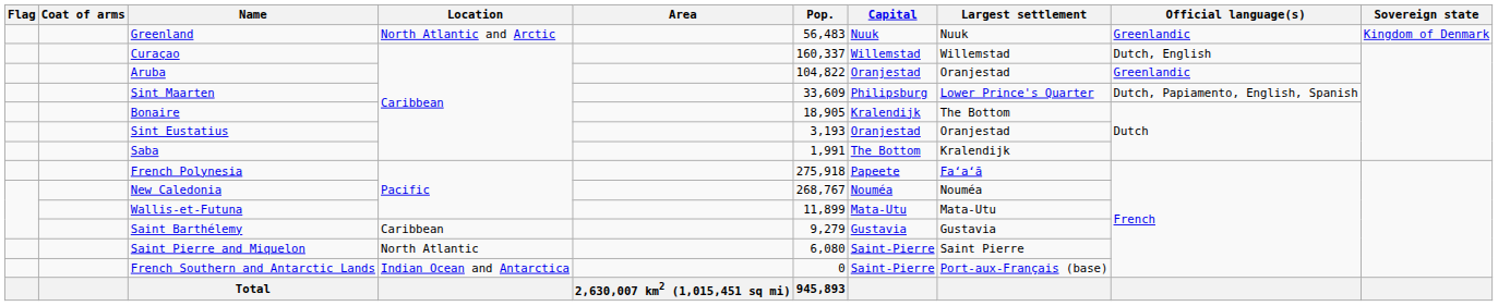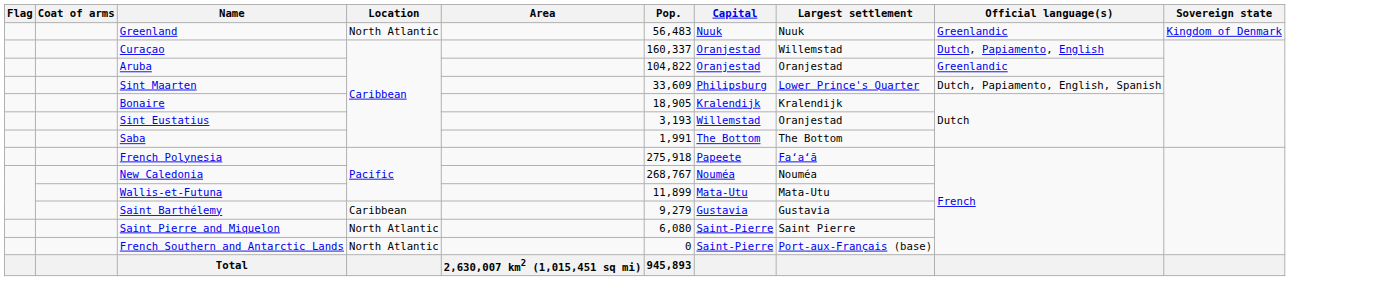 <table class="wikitable sortable" style=font-size:90%>
 <tr>
 <th class=unsortable>Flag</th>
 <th class=unsortable>Coat of arms</th>
 <th>Name</th>
 <th>Loca­tion</th>
 <th>Area</th>
 <th>Pop.</th>
 <th><a href='#'>Capital</a></th>
 <th class=unsortable>Largest settlement</th>
 <th>Official lan­guage(s)</th>
 <th>Sovereign state</th>
 </tr>
 <tr>
 <td></td>
 <td></td>
 <td><a href='#'>Greenland</a></td>
-<td><a href='#'>North Atlantic</a> and <a href='#'>Arctic</a></td>
+<td>North Atlantic</td>
 <td style=text-align:right></td>
 <td style=text-align:right>56,483</td>
 <td><a href='#'>Nuuk</a></td>
 <td>Nuuk</td>
 <td><a href='#'>Greenlandic</a></td>
 <td> <a href='#'>Kingdom of Denmark</a></td>
 </tr>
 <tr>
 <td></td>
 <td></td>
 <td><a href='#'>Curaçao</a></td>
 <td rowspan=6><a href='#'>Caribbean</a></td>
 <td style=text-align:right></td>
 <td style=text-align:right>160,337</td>
-<td><a href='#'>Willemstad</a></td>
+<td><a href='#'>Oranjestad</a></td>
 <td>Willemstad</td>
-<td>Dutch, English</td>
+<td><a href='#'>Dutch</a>, <a href='#'>Papiamento</a>, <a href='#'>English</a></td>
 <td rowspan=6></td>
 </tr>
 <tr>
 <td></td>
 <td></td>
 <td><a href='#'>Aruba</a></td>
 <td style=text-align:right></td>
 <td style=text-align:right>104,822</td>
 <td><a href='#'>Oranjestad</a></td>
 <td>Oranjestad</td>
 <td><a href='#'>Greenlandic</a></td>
 </tr>
 <tr>
 <td></td>
 <td></td>
 <td><a href='#'>Sint Maarten</a></td>
 <td style=text-align:right></td>
 <td style=text-align:right>33,609</td>
 <td><a href='#'>Philipsburg</a></td>
 <td><a href='#'>Lower Prince's Quarter</a></td>
 <td>Dutch, Papiamento, English, Spanish</td>
 </tr>
 <tr>
 <td></td>
 <td></td>
 <td><a href='#'>Bonaire</a></td>
 <td style=text-align:right></td>
 <td style=text-align:right>18,905</td>
 <td><a href='#'>Kralendijk</a></td>
-<td>The Bottom</td>
+<td>Kralendijk</td>
 <td rowspan=3>Dutch</td>
 </tr>
 <tr>
 <td></td>
 <td></td>
 <td><a href='#'>Sint Eustatius</a></td>
 <td style=text-align:right></td>
 <td style=text-align:right>3,193</td>
-<td><a href='#'>Oranjestad</a></td>
+<td><a href='#'>Willemstad</a></td>
 <td>Oranjestad</td>
 </tr>
 <tr>
 <td></td>
 <td></td>
 <td><a href='#'>Saba</a></td>
 <td style=text-align:right></td>
 <td style=text-align:right>1,991</td>
 <td><a href='#'>The Bottom</a></td>
-<td>Kralendijk</td>
+<td>The Bottom</td>
 </tr>
 <tr>
 <td></td>
 <td></td>
 <td><a href='#'>French Polynesia</a></td>
 <td rowspan=3><a href='#'>Pacific</a></td>
 <td style=text-align:right></td>
 <td style=text-align:right>275,918</td>
 <td><a href='#'>Papeete</a></td>
 <td><a href='#'>Faʻaʻā</a></td>
 <td rowspan=6><a href='#'>French</a></td>
 <td rowspan=6></td>
 </tr>
 <tr>
 <td rowspan=3></td>
 <td></td>
 <td><a href='#'>New Caledonia</a></td>
 <td style=text-align:right></td>
 <td style=text-align:right>268,767</td>
 <td><a href='#'>Nouméa</a></td>
 <td>Nouméa</td>
 </tr>
 <tr>
 <td></td>
 <td><a href='#'>Wallis-et-Futuna</a></td>
 <td style=text-align:right></td>
 <td style=text-align:right>11,899</td>
 <td><a href='#'>Mata-Utu</a></td>
 <td>Mata-Utu</td>
 </tr>
 <tr>
 <td></td>
 <td><a href='#'>Saint Barthélemy</a></td>
 <td>Caribbean</td>
 <td style=text-align:right></td>
 <td style=text-align:right>9,279</td>
 <td><a href='#'>Gustavia</a></td>
 <td>Gustavia</td>
 </tr>
 <tr>
 <td></td>
 <td></td>
 <td><a href='#'>Saint Pierre and Miquelon</a></td>
 <td>North Atlantic</td>
 <td style=text-align:right></td>
 <td style=text-align:right>6,080</td>
 <td><a href='#'>Saint-Pierre</a></td>
 <td>Saint Pierre</td>
 </tr>
 <tr>
 <td></td>
 <td></td>
 <td><a href='#'>French Southern and Antarctic Lands</a></td>
-<td><a href='#'>Indian Ocean</a> and <a href='#'>Antarctica</a></td>
+<td>North Atlantic</td>
 <td style=text-align:right></td>
 <td style=text-align:right>0</td>
 <td><a href='#'>Saint-Pierre</a></td>
 <td><a href='#'>Port-aux-Français</a> (base)</td>
 </tr>
 <tr>
 <th></th>
 <th></th>
 <th>Total</th>
 <th></th>
 <th style=text-align:right>2,630,007 km<sup>2</sup> (1,015,451 sq mi)</th>
 <th style=text-align:right>945,893</th>
 <th></th>
 <th></th>
 <th></th>
 <th></th>
 </tr>
 </table>
